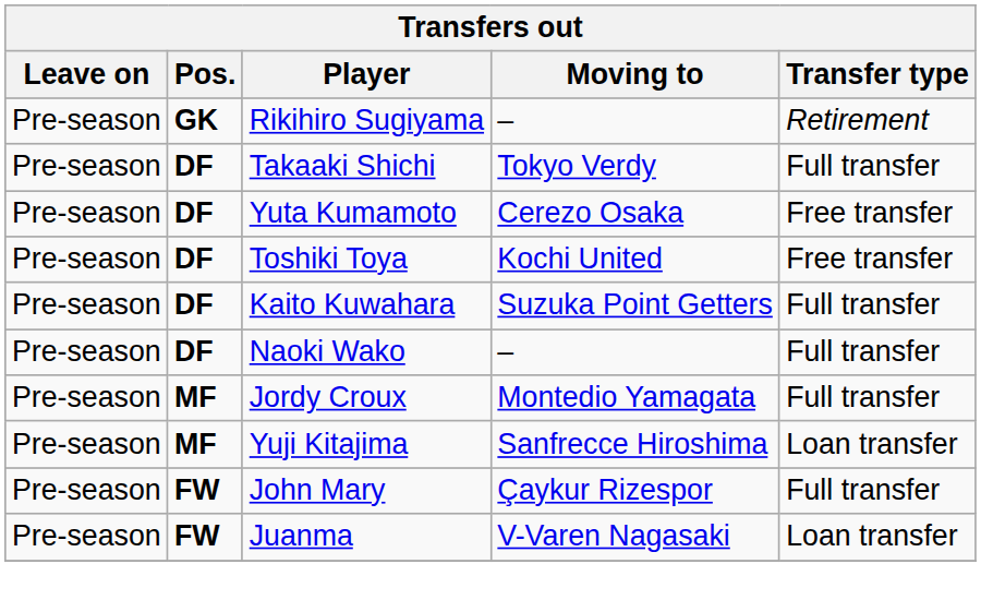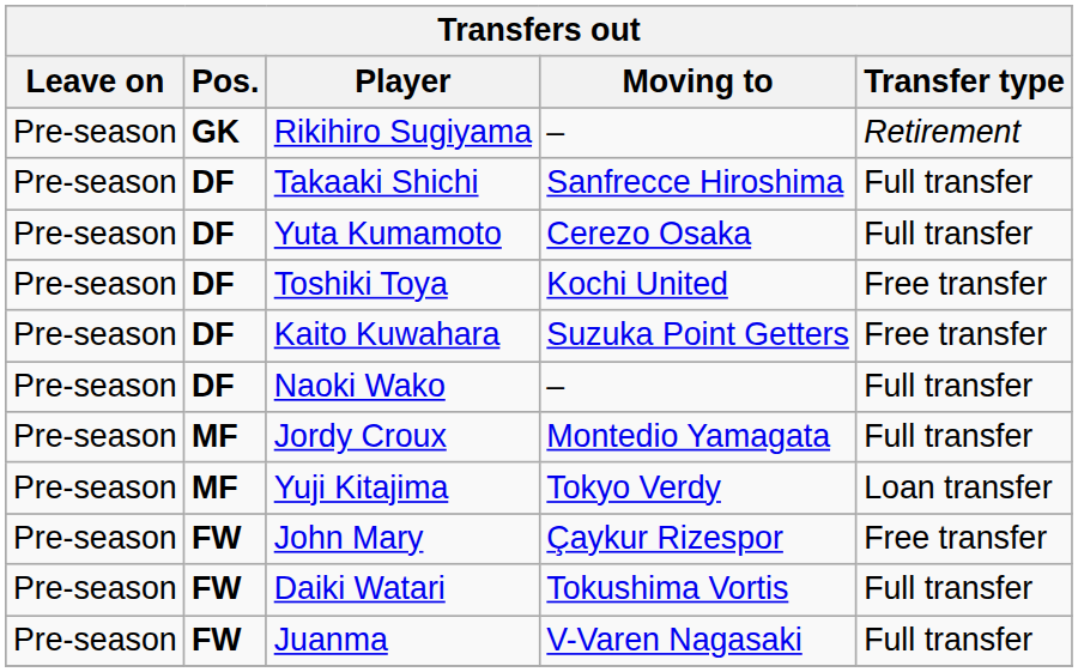 <table class="wikitable sortable" style="text-align:left;">
 <tr>
 <th colspan="5">Transfers out</th>
 </tr>
 <tr>
 <th>Leave on</th>
 <th>Pos.</th>
 <th>Player</th>
 <th>Moving to</th>
 <th>Transfer type</th>
 </tr>
 <tr>
 <td>Pre-season</td>
 <td><strong>GK</strong></td>
 <td> <a href='#'>Rikihiro Sugiyama</a></td>
 <td>–</td>
 <td><em>Retirement</em></td>
 </tr>
 <tr>
 <td>Pre-season</td>
 <td><strong>DF</strong></td>
 <td> <a href='#'>Takaaki Shichi</a></td>
-<td> <a href='#'>Tokyo Verdy</a></td>
+<td> <a href='#'>Sanfrecce Hiroshima</a></td>
 <td>Full transfer</td>
 </tr>
 <tr>
 <td>Pre-season</td>
 <td><strong>DF</strong></td>
 <td> <a href='#'>Yuta Kumamoto</a></td>
 <td> <a href='#'>Cerezo Osaka</a></td>
-<td>Free transfer</td>
+<td>Full transfer</td>
 </tr>
 <tr>
 <td>Pre-season</td>
 <td><strong>DF</strong></td>
 <td> <a href='#'>Toshiki Toya</a></td>
 <td> <a href='#'>Kochi United</a></td>
 <td>Free transfer</td>
 </tr>
 <tr>
 <td>Pre-season</td>
 <td><strong>DF</strong></td>
 <td> <a href='#'>Kaito Kuwahara</a></td>
 <td> <a href='#'>Suzuka Point Getters</a></td>
-<td>Full transfer</td>
+<td>Free transfer</td>
 </tr>
 <tr>
 <td>Pre-season</td>
 <td><strong>DF</strong></td>
 <td> <a href='#'>Naoki Wako</a></td>
 <td>–</td>
 <td>Full transfer</td>
 </tr>
 <tr>
 <td>Pre-season</td>
 <td><strong>MF</strong></td>
 <td> <a href='#'>Jordy Croux</a></td>
 <td> <a href='#'>Montedio Yamagata</a></td>
 <td>Full transfer</td>
 </tr>
 <tr>
 <td>Pre-season</td>
 <td><strong>MF</strong></td>
 <td> <a href='#'>Yuji Kitajima</a></td>
-<td> <a href='#'>Sanfrecce Hiroshima</a></td>
+<td> <a href='#'>Tokyo Verdy</a></td>
 <td>Loan transfer</td>
 </tr>
 <tr>
 <td>Pre-season</td>
 <td><strong>FW</strong></td>
 <td> <a href='#'>John Mary</a></td>
 <td> <a href='#'>Çaykur Rizespor</a></td>
+<td>Free transfer</td>
+</tr>
+<tr>
+<td>Pre-season</td>
+<td><strong>FW</strong></td>
+<td> <a href='#'>Daiki Watari</a></td>
+<td> <a href='#'>Tokushima Vortis</a></td>
 <td>Full transfer</td>
 </tr>
 <tr>
 <td>Pre-season</td>
 <td><strong>FW</strong></td>
 <td> <a href='#'>Juanma</a></td>
 <td> <a href='#'>V-Varen Nagasaki</a></td>
-<td>Loan transfer</td>
+<td>Full transfer</td>
 </tr>
 <tr>
 </tr>
 </table>
